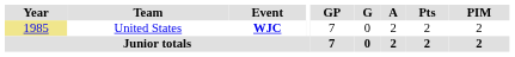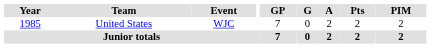 <table border="0" cellpadding="1" cellspacing="0" ID="Table3" style="text-align:center; width:40em">
 <tr bgcolor="#e0e0e0">
 <th>Year</th>
 <th>Team</th>
 <th>Event</th>
 <th rowspan="102" bgcolor="#ffffff"></th>
 <th>GP</th>
 <th>G</th>
 <th>A</th>
 <th>Pts</th>
 <th>PIM</th>
 </tr>
 <tr>
-<td style="background: khaki;"><a href='#'>1985</a></td>
+<td><a href='#'>1985</a></td>
 <td><a href='#'>United States</a></td>
-<td><strong><a href='#'>WJC</a></strong></td>
+<td><a href='#'>WJC</a></td>
 <td>7</td>
 <td>0</td>
 <td>2</td>
 <td>2</td>
 <td>2</td>
 </tr>
 <tr bgcolor="#e0e0e0">
 <th colspan="4">Junior totals</th>
 <th>7</th>
 <th>0</th>
 <th>2</th>
 <th>2</th>
 <th>2</th>
 </tr>
 </table>
